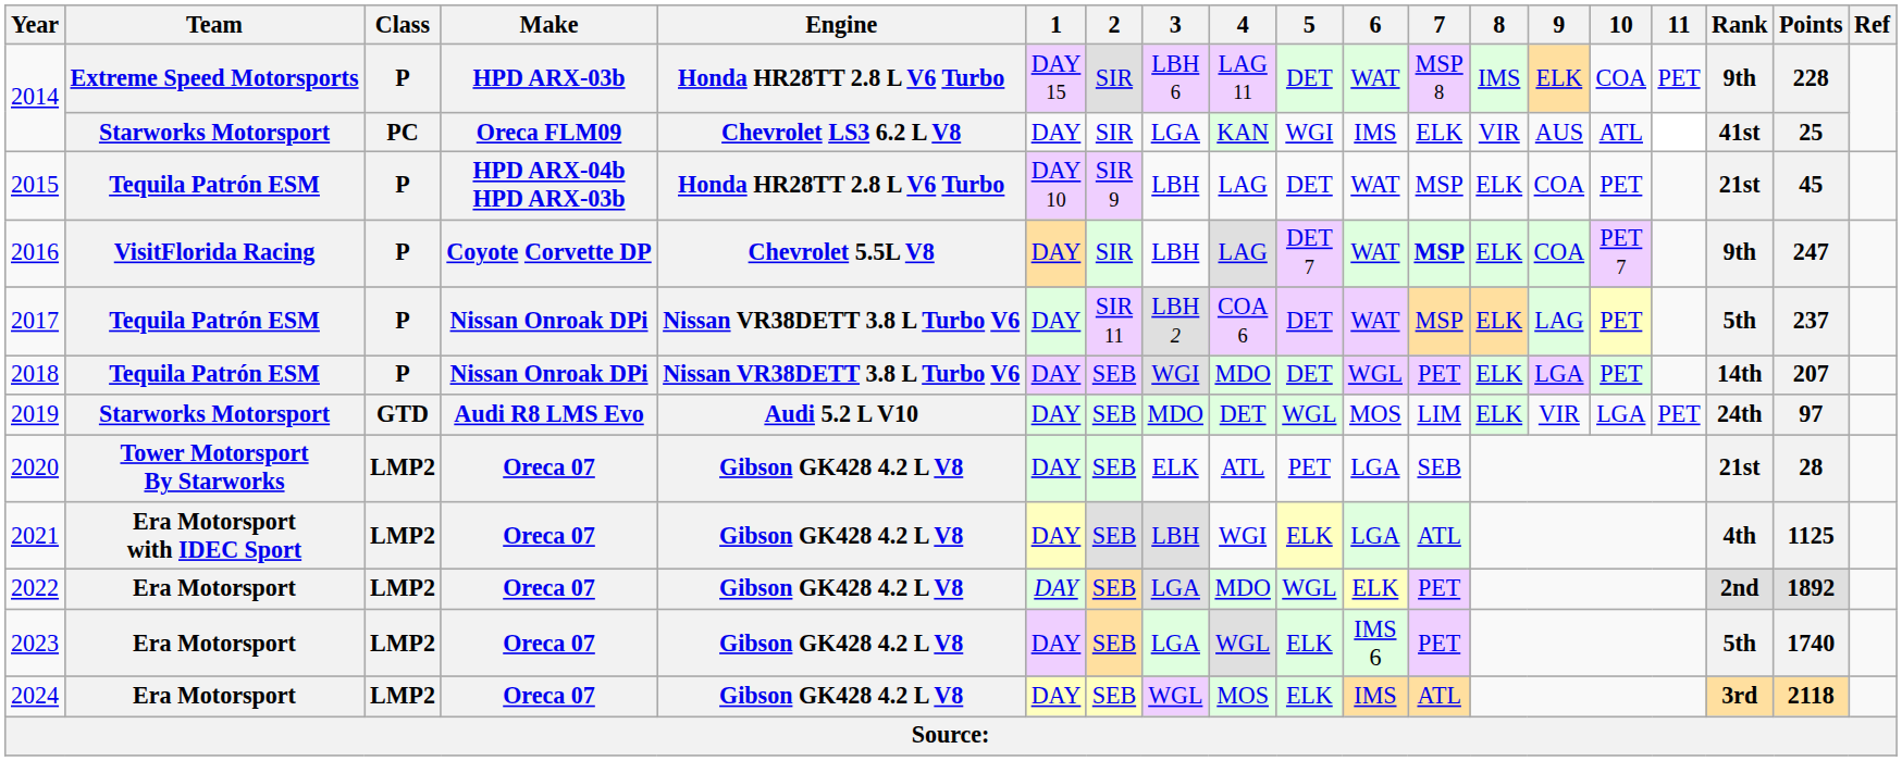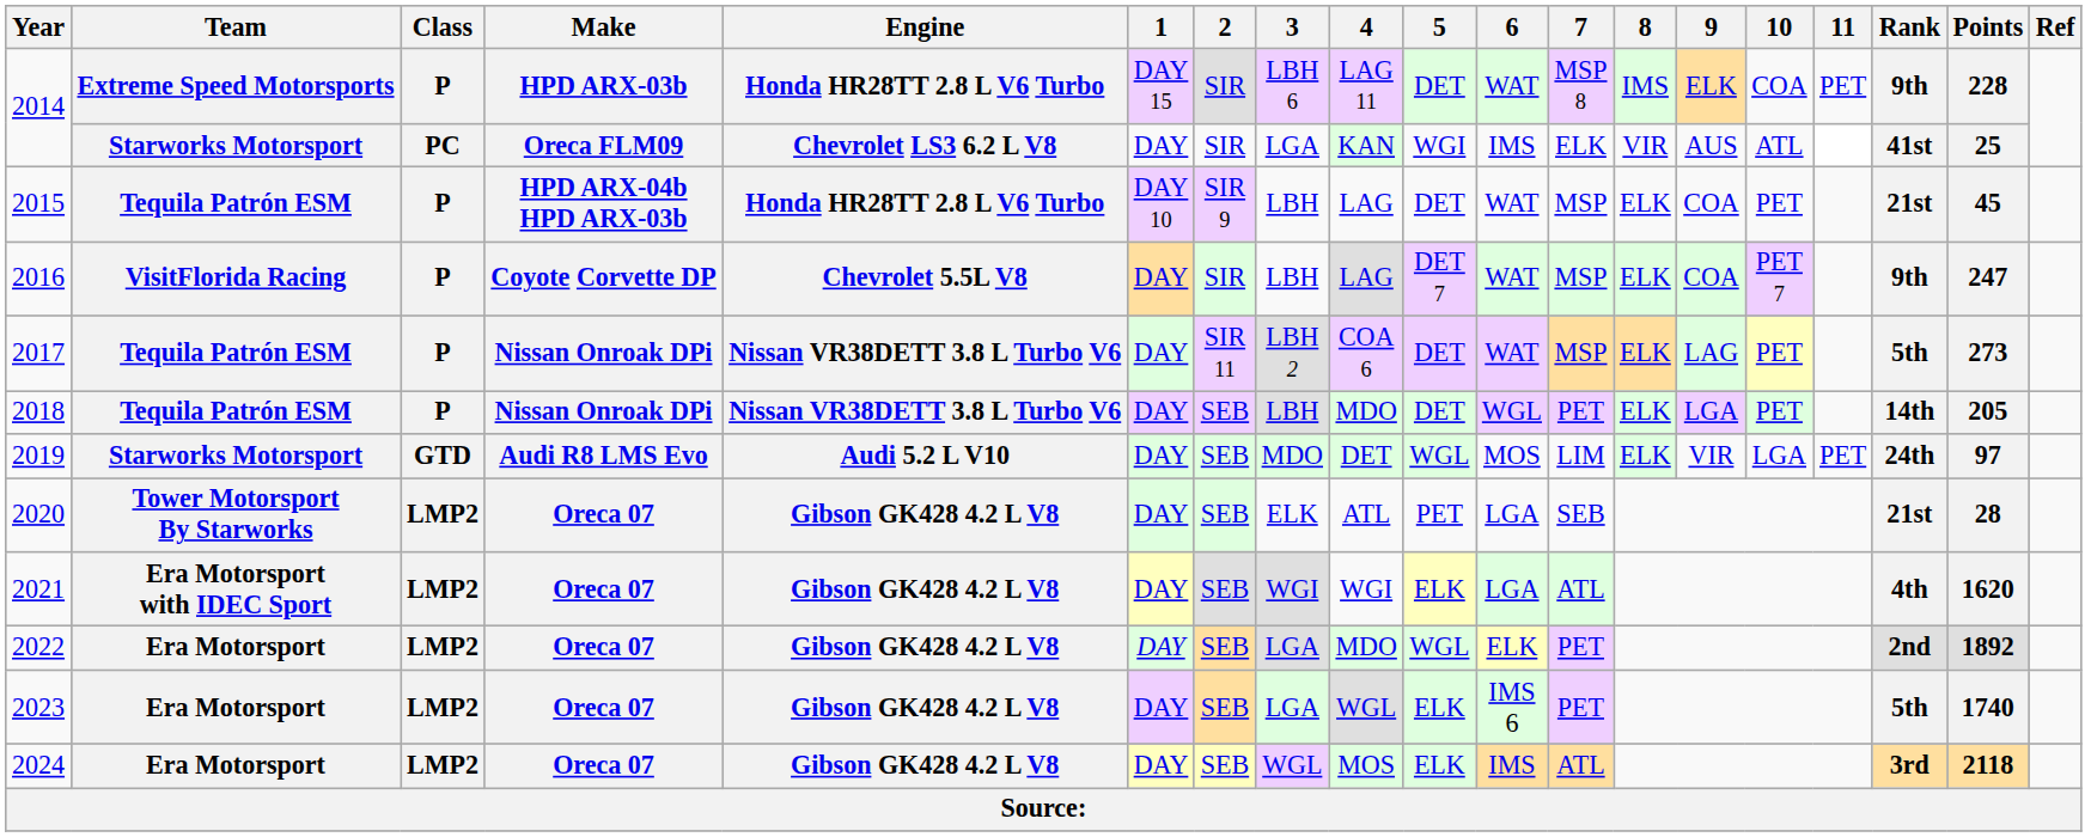 <table class="wikitable" style="text-align:center; font-size:85%">
 <tr>
 <th>Year</th>
 <th>Team</th>
 <th>Class</th>
 <th>Make</th>
 <th>Engine</th>
 <th>1</th>
 <th>2</th>
 <th>3</th>
 <th>4</th>
 <th>5</th>
 <th>6</th>
 <th>7</th>
 <th>8</th>
 <th>9</th>
 <th>10</th>
 <th>11</th>
 <th>Rank</th>
 <th>Points</th>
 <th>Ref</th>
 </tr>
 <tr>
 <td rowspan=2><a href='#'>2014</a></td>
 <th nowrap><a href='#'>Extreme Speed Motorsports</a></th>
 <th>P</th>
 <th nowrap><a href='#'>HPD ARX-03b</a></th>
 <th nowrap><a href='#'>Honda</a> HR28TT 2.8 L <a href='#'>V6</a> <a href='#'>Turbo</a></th>
 <td style="background:#EFCFFF;"><a href='#'>DAY</a><br><small>15</small></td>
 <td style="background:#dfdfdf;"><a href='#'>SIR</a><br></td>
 <td style="background:#EFCFFF;"><a href='#'>LBH</a><br><small>6</small></td>
 <td style="background:#EFCFFF;"><a href='#'>LAG</a><br><small>11</small></td>
 <td style="background:#dfffdf;"><a href='#'>DET</a><br></td>
 <td style="background:#dfffdf;"><a href='#'>WAT</a><br></td>
 <td style="background:#EFCFFF;"><a href='#'>MSP</a><br><small>8</small></td>
 <td style="background:#dfffdf;"><a href='#'>IMS</a><br></td>
 <td style="background:#ffdf9f;"><a href='#'>ELK</a><br></td>
 <td><a href='#'>COA</a></td>
 <td><a href='#'>PET</a></td>
 <th>9th</th>
 <th>228</th>
 <td rowspan="2"></td>
 </tr>
 <tr>
 <th nowrap><a href='#'>Starworks Motorsport</a></th>
 <th>PC</th>
 <th nowrap><a href='#'>Oreca FLM09</a></th>
 <th nowrap><a href='#'>Chevrolet</a> <a href='#'>LS3</a> 6.2 L <a href='#'>V8</a></th>
 <td><a href='#'>DAY</a><br></td>
 <td><a href='#'>SIR</a><br></td>
 <td><a href='#'>LGA</a><br></td>
 <td style="background:#dfffdf;"><a href='#'>KAN</a><br></td>
 <td><a href='#'>WGI</a><br></td>
 <td><a href='#'>IMS</a><br></td>
 <td><a href='#'>ELK</a><br></td>
 <td><a href='#'>VIR</a><br></td>
 <td><a href='#'>AUS</a><br></td>
 <td><a href='#'>ATL</a><br></td>
 <td style="background:#FFFFFF;"></td>
 <th>41st</th>
 <th>25</th>
 </tr>
 <tr>
 <td><a href='#'>2015</a></td>
 <th nowrap><a href='#'>Tequila Patrón ESM</a></th>
 <th>P</th>
 <th nowrap><a href='#'>HPD ARX-04b</a> <small></small><br><a href='#'>HPD ARX-03b</a> <small></small></th>
 <th nowrap><a href='#'>Honda</a> HR28TT 2.8 L <a href='#'>V6</a> <a href='#'>Turbo</a></th>
 <td style="background:#EFCFFF;"><a href='#'>DAY</a><br><small>10</small></td>
 <td style="background:#EFCFFF;"><a href='#'>SIR</a><br><small>9</small></td>
 <td><a href='#'>LBH</a></td>
 <td><a href='#'>LAG</a></td>
 <td><a href='#'>DET</a></td>
 <td><a href='#'>WAT</a></td>
 <td><a href='#'>MSP</a></td>
 <td><a href='#'>ELK</a></td>
 <td><a href='#'>COA</a></td>
 <td><a href='#'>PET</a></td>
 <td></td>
 <th>21st</th>
 <th>45</th>
 <td></td>
 </tr>
 <tr>
 <td><a href='#'>2016</a></td>
 <th nowrap><a href='#'>VisitFlorida Racing</a></th>
 <th>P</th>
 <th nowrap><a href='#'>Coyote</a> <a href='#'>Corvette DP</a></th>
 <th nowrap><a href='#'>Chevrolet</a> 5.5L <a href='#'>V8</a></th>
 <td style="background:#ffdf9f;"><a href='#'>DAY</a><br></td>
 <td style="background:#dfffdf;"><a href='#'>SIR</a><br></td>
 <td><a href='#'>LBH</a></td>
 <td style="background:#dfdfdf;"><a href='#'>LAG</a><br></td>
 <td style="background:#efcfff;"><a href='#'>DET</a><br><small>7</small></td>
 <td style="background:#dfffdf;"><a href='#'>WAT</a><br></td>
-<td style="background:#dfffdf;"><strong><a href='#'>MSP</a><br></strong></td>
+<td style="background:#dfffdf;"><a href='#'>MSP</a><br></td>
 <td style="background:#dfffdf;"><a href='#'>ELK</a><br></td>
 <td style="background:#dfffdf;"><a href='#'>COA</a><br></td>
 <td style="background:#efcfff;"><a href='#'>PET</a><br><small>7</small></td>
 <td></td>
 <th>9th</th>
 <th>247</th>
 <td></td>
 </tr>
 <tr>
 <td><a href='#'>2017</a></td>
 <th nowrap><a href='#'>Tequila Patrón ESM</a></th>
 <th>P</th>
 <th nowrap><a href='#'>Nissan Onroak DPi</a></th>
 <th nowrap><a href='#'>Nissan</a> VR38DETT 3.8 L <a href='#'>Turbo</a> <a href='#'>V6</a></th>
 <td style="background:#dfffdf;"><a href='#'>DAY</a><br></td>
 <td style="background:#efcfff;"><a href='#'>SIR</a><br><small>11</small></td>
 <td style="background:#dfdfdf;"><a href='#'>LBH</a><br><small><em>2</em></small></td>
 <td style="background:#efcfff;"><a href='#'>COA</a><br><small>6</small></td>
 <td style="background:#efcfff;"><a href='#'>DET</a><br></td>
 <td style="background:#efcfff;"><a href='#'>WAT</a><br></td>
 <td style="background:#ffdf9f;"><a href='#'>MSP</a><br></td>
 <td style="background:#ffdf9f;"><a href='#'>ELK</a><br></td>
 <td style="background:#dfffdf;"><a href='#'>LAG</a><br></td>
 <td style="background:#ffffbf;"><a href='#'>PET</a><br></td>
 <td></td>
 <th>5th</th>
-<th>237</th>
+<th>273</th>
 <td></td>
 </tr>
 <tr>
 <td><a href='#'>2018</a></td>
 <th nowrap><a href='#'>Tequila Patrón ESM</a></th>
 <th>P</th>
 <th nowrap><a href='#'>Nissan Onroak DPi</a></th>
 <th nowrap><a href='#'>Nissan VR38DETT</a> 3.8 L <a href='#'>Turbo</a> <a href='#'>V6</a></th>
 <td style="background:#EFCFFF;"><a href='#'>DAY</a><br></td>
 <td style="background:#EFCFFF;"><a href='#'>SEB</a><br></td>
-<td style="background:#DFDFDF;"><a href='#'>WGI</a><br></td>
+<td style="background:#dfdfdf;"><a href='#'>LBH</a><br></td>
 <td style="background:#dfffdf;"><a href='#'>MDO</a><br></td>
 <td style="background:#dfffdf;"><a href='#'>DET</a><br></td>
 <td style="background:#EFCFFF;"><a href='#'>WGL</a><br></td>
 <td style="background:#efcfff;"><a href='#'>PET</a><br></td>
 <td style="background:#dfffdf;"><a href='#'>ELK</a><br></td>
 <td style="background:#EFCFFF;"><a href='#'>LGA</a><br></td>
 <td style="background:#dfffdf;"><a href='#'>PET</a><br></td>
 <td></td>
 <th>14th</th>
-<th>207</th>
+<th>205</th>
 <td></td>
 </tr>
 <tr>
 <td><a href='#'>2019</a></td>
 <th nowrap><a href='#'>Starworks Motorsport</a></th>
 <th>GTD</th>
 <th nowrap><a href='#'>Audi R8 LMS Evo</a></th>
 <th nowrap><a href='#'>Audi</a> 5.2 L V10</th>
 <td style="background:#DFFFDF;"><a href='#'>DAY</a><br></td>
 <td style="background:#DFFFDF;"><a href='#'>SEB</a><br></td>
 <td style="background:#DFFFDF;"><a href='#'>MDO</a> <br></td>
 <td style="background:#DFFFDF;"><a href='#'>DET</a> <br></td>
 <td style="background:#DFFFDF;"><a href='#'>WGL</a><br></td>
 <td><a href='#'>MOS</a><br></td>
 <td><a href='#'>LIM</a><br></td>
 <td style="background:#DFFFDF;"><a href='#'>ELK</a><br></td>
 <td><a href='#'>VIR</a><br></td>
 <td><a href='#'>LGA</a><br></td>
 <td><a href='#'>PET</a><br></td>
 <th>24th</th>
 <th>97</th>
 <td></td>
 </tr>
 <tr>
 <td><a href='#'>2020</a></td>
 <th nowrap><a href='#'>Tower Motorsport<br>By Starworks</a></th>
 <th>LMP2</th>
 <th nowrap><a href='#'>Oreca 07</a></th>
 <th nowrap><a href='#'>Gibson</a> GK428 4.2 L <a href='#'>V8</a></th>
 <td style="background:#DFFFDF;"><a href='#'>DAY</a><br></td>
 <td style="background:#DFFFDF;"><a href='#'>SEB</a><br></td>
 <td style="background:#;"><a href='#'>ELK</a></td>
 <td style="background:#;"><a href='#'>ATL</a></td>
 <td><a href='#'>PET</a></td>
 <td style="background:#;"><a href='#'>LGA</a></td>
 <td><a href='#'>SEB</a></td>
 <td colspan=4></td>
 <th>21st</th>
 <th>28</th>
 <td></td>
 </tr>
 <tr>
 <td><a href='#'>2021</a></td>
 <th nowrap>Era Motorsport<br>with <a href='#'>IDEC Sport</a></th>
 <th>LMP2</th>
 <th nowrap><a href='#'>Oreca 07</a></th>
 <th nowrap><a href='#'>Gibson</a> GK428 4.2 L <a href='#'>V8</a></th>
 <td style="background:#FFFFBF;"><a href='#'>DAY</a><br></td>
 <td style="background:#DFDFDF;"><a href='#'>SEB</a><br></td>
-<td style="background:#dfdfdf;"><a href='#'>LBH</a><br></td>
+<td style="background:#DFDFDF;"><a href='#'>WGI</a><br></td>
 <td><a href='#'>WGI</a></td>
 <td style="background:#FFFFBF;"><a href='#'>ELK</a><br></td>
 <td style="background:#DFFFDF;"><a href='#'>LGA</a><br></td>
 <td style="background:#DFFFDF;"><a href='#'>ATL</a><br></td>
 <td colspan=4></td>
 <th>4th</th>
-<th>1125</th>
+<th>1620</th>
 <td></td>
 </tr>
 <tr>
 <td><a href='#'>2022</a></td>
 <th nowrap>Era Motorsport</th>
 <th>LMP2</th>
 <th nowrap><a href='#'>Oreca 07</a></th>
 <th nowrap><a href='#'>Gibson</a> GK428 4.2 L <a href='#'>V8</a></th>
 <td style="background:#dfffdf;"><em><a href='#'>DAY</a></em><br></td>
 <td style="background:#FFDF9F;"><a href='#'>SEB</a><br></td>
 <td style="background:#DFDFDF;"><a href='#'>LGA</a><br></td>
 <td style="background:#DFFFDF;"><a href='#'>MDO</a><br></td>
 <td style="background:#dfffdf;"><a href='#'>WGL</a><br></td>
 <td style="background:#ffffbf;"><a href='#'>ELK</a><br></td>
 <td style="background:#efcfff;"><a href='#'>PET</a><br></td>
 <td colspan=4></td>
 <th style="background:#DFDFDF;">2nd</th>
 <th style="background:#DFDFDF;">1892</th>
 <td></td>
 </tr>
 <tr>
 <td><a href='#'>2023</a></td>
 <th nowrap>Era Motorsport</th>
 <th>LMP2</th>
 <th nowrap><a href='#'>Oreca 07</a></th>
 <th nowrap><a href='#'>Gibson</a> GK428 4.2 L <a href='#'>V8</a></th>
 <td style="background:#EFCFFF;"><a href='#'>DAY</a><br></td>
 <td style="background:#FFDF9F;"><a href='#'>SEB</a><br></td>
 <td style="background:#dfffdf;"><a href='#'>LGA</a><br></td>
 <td style="background:#DFDFDF;"><a href='#'>WGL</a><br></td>
 <td style="background:#dfffdf;"><a href='#'>ELK</a><br></td>
 <td style="background:#dfffdf;"><a href='#'>IMS</a><br>6</td>
 <td style="background:#EFCFFF;"><a href='#'>PET</a><br></td>
 <td colspan=4></td>
 <th>5th</th>
 <th>1740</th>
 <td></td>
 </tr>
 <tr>
 <td><a href='#'>2024</a></td>
 <th nowrap>Era Motorsport</th>
 <th>LMP2</th>
 <th nowrap><a href='#'>Oreca 07</a></th>
 <th nowrap><a href='#'>Gibson</a> GK428 4.2 L <a href='#'>V8</a></th>
 <td style="background:#FFFFBF;"><a href='#'>DAY</a><br></td>
 <td style="background:#FFFFBF;"><a href='#'>SEB</a><br></td>
 <td style="background:#EFCFFF;"><a href='#'>WGL</a><br></td>
 <td style="background:#dfffdf;"><a href='#'>MOS</a><br></td>
 <td style="background:#dfffdf;"><a href='#'>ELK</a><br></td>
 <td style="background:#ffdf9f;"><a href='#'>IMS</a><br></td>
 <td style="background:#ffdf9f;"><a href='#'>ATL</a><br></td>
 <td colspan=4></td>
 <th style="background:#ffdf9f;">3rd</th>
 <th style="background:#ffdf9f;">2118</th>
 <td></td>
 </tr>
 <tr>
 <th colspan="19">Source:</th>
 </tr>
 </table>
